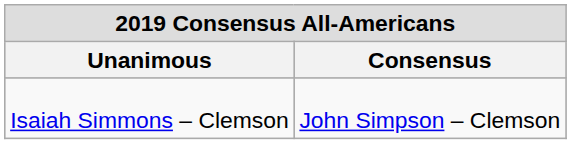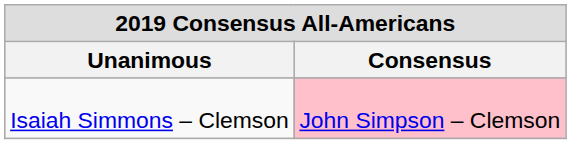 <table class="wikitable" style="white-space:nowrap; font-size:90%;">
 <tr>
 <td colspan="7" style="text-align:center; background:#ddd;"><strong>2019 Consensus All-Americans</strong></td>
 </tr>
 <tr>
 <th>Unanimous</th>
 <th>Consensus</th>
 </tr>
 <tr>
 <td><br><a href='#'>Isaiah Simmons</a> – Clemson</td>
-<td><br><a href='#'>John Simpson</a> – Clemson</td>
+<td style="background: pink;"><br><a href='#'>John Simpson</a> – Clemson</td>
 </tr>
 </table>
